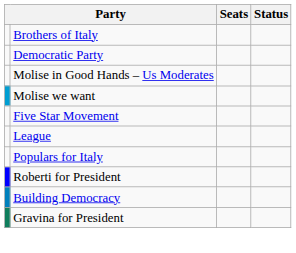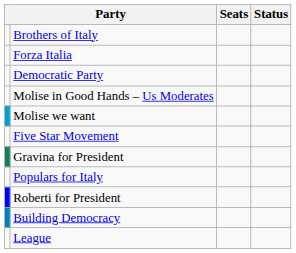 <table class=wikitable>
 <tr>
 <th colspan=2>Party</th>
 <th>Seats</th>
 <th>Status</th>
 </tr>
 <tr>
 <td style="color:inherit;background:"></td>
 <td><a href='#'>Brothers of Italy</a></td>
+<td></td>
+<td></td>
+</tr>
+<tr>
+<td style="color:inherit;background:"></td>
+<td><a href='#'>Forza Italia</a></td>
 <td></td>
 <td></td>
 </tr>
 <tr>
 <td style="color:inherit;background:"></td>
 <td><a href='#'>Democratic Party</a></td>
 <td></td>
 <td></td>
 </tr>
 <tr>
 <td style="color:inherit;background:"></td>
 <td>Molise in Good Hands – <a href='#'>Us Moderates</a></td>
 <td></td>
 <td></td>
 </tr>
 <tr>
 <td style="color:inherit;background:#009ed2"></td>
 <td>Molise we want</td>
 <td></td>
 <td></td>
 </tr>
 <tr>
 <td style="color:inherit;background:"></td>
 <td><a href='#'>Five Star Movement</a></td>
 <td></td>
 <td></td>
 </tr>
 <tr>
-<td style="color:inherit;background:"></td>
-<td><a href='#'>League</a></td>
+<td style="color:inherit;background:#0f7e5d"></td>
+<td>Gravina for President</td>
 <td></td>
 <td></td>
 </tr>
 <tr>
 <td style="color:inherit;background:"></td>
 <td><a href='#'>Populars for Italy</a></td>
 <td></td>
 <td></td>
 </tr>
 <tr>
 <td bgcolor="blue"></td>
 <td>Roberti for President</td>
 <td></td>
 <td></td>
 </tr>
 <tr>
 <td bgcolor="#0080bc"></td>
 <td><a href='#'>Building Democracy</a></td>
 <td></td>
 <td></td>
 </tr>
 <tr>
-<td style="color:inherit;background:#0f7e5d"></td>
-<td>Gravina for President</td>
+<td style="color:inherit;background:"></td>
+<td><a href='#'>League</a></td>
 <td></td>
 <td></td>
 </tr>
 </table>
